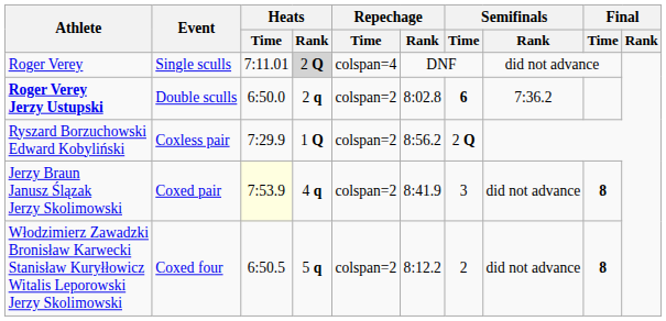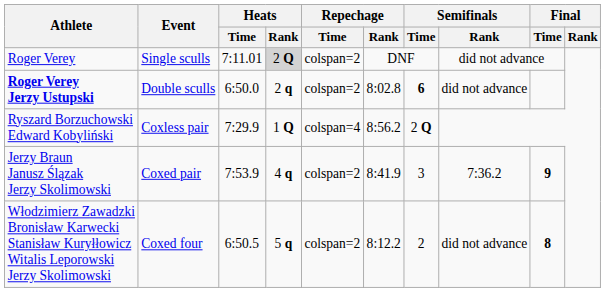 <table class="wikitable" style="font-size:90%">
 <tr>
 <th rowspan="2">Athlete</th>
 <th rowspan="2">Event</th>
 <th colspan="2">Heats</th>
 <th colspan="2">Repechage</th>
 <th colspan="2">Semifinals</th>
 <th colspan="2">Final</th>
 </tr>
 <tr style="font-size:95%">
 <th>Time</th>
 <th>Rank</th>
 <th>Time</th>
 <th>Rank</th>
 <th>Time</th>
 <th>Rank</th>
 <th>Time</th>
 <th>Rank</th>
 </tr>
 <tr align=center>
 <td align=left><a href='#'>Roger Verey</a></td>
 <td align=left><a href='#'>Single sculls</a></td>
 <td>7:11.01</td>
 <td style="background: lightgrey;">2 <strong>Q</strong></td>
-<td>colspan=4 </td>
+<td>colspan=2 </td>
 <td colspan="2"  align="center">DNF</td>
 <td colspan="2"  align="center">did not advance</td>
 </tr>
 <tr align=center>
 <td align=left><strong><a href='#'>Roger Verey</a><br><a href='#'>Jerzy Ustupski</a></strong></td>
 <td align=left><a href='#'>Double sculls</a></td>
 <td>6:50.0</td>
 <td>2 <strong>q</strong></td>
 <td>colspan=2 </td>
 <td>8:02.8</td>
 <td><strong>6</strong></td>
-<td>7:36.2</td>
+<td colspan="1"  align="center">did not advance</td>
 <td></td>
 </tr>
 <tr align=center>
 <td align=left><a href='#'>Ryszard Borzuchowski</a><br><a href='#'>Edward Kobyliński</a></td>
 <td align=left><a href='#'>Coxless pair</a></td>
 <td>7:29.9</td>
 <td>1 <strong>Q</strong></td>
-<td>colspan=2 </td>
+<td>colspan=4 </td>
 <td>8:56.2</td>
 <td>2 <strong>Q</strong></td>
 </tr>
 <tr align=center>
 <td align=left><a href='#'>Jerzy Braun</a><br><a href='#'>Janusz Ślązak</a><br><a href='#'>Jerzy Skolimowski</a></td>
 <td align=left><a href='#'>Coxed pair</a></td>
-<td style="background: lightyellow;">7:53.9</td>
+<td>7:53.9</td>
 <td>4 <strong>q</strong></td>
 <td>colspan=2 </td>
 <td>8:41.9</td>
 <td>3</td>
-<td colspan="1"  align="center">did not advance</td>
-<td><strong>8</strong></td>
+<td>7:36.2</td>
+<td><strong>9</strong></td>
 </tr>
 <tr align=center>
 <td align=left><a href='#'>Włodzimierz Zawadzki</a><br><a href='#'>Bronisław Karwecki</a><br><a href='#'>Stanisław Kuryłłowicz</a><br><a href='#'>Witalis Leporowski</a><br><a href='#'>Jerzy Skolimowski</a></td>
 <td align=left><a href='#'>Coxed four</a></td>
 <td>6:50.5</td>
 <td>5 <strong>q</strong></td>
 <td>colspan=2 </td>
 <td>8:12.2</td>
 <td>2</td>
 <td colspan="1"  align="center">did not advance</td>
 <td><strong>8</strong></td>
 </tr>
 </table>
